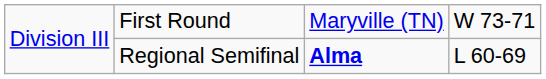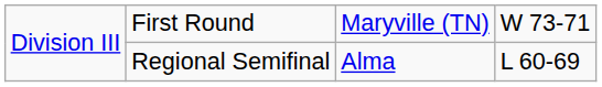 <table class="wikitable">
 <tr>
 <td rowspan="2"><a href='#'>Division III</a></td>
 <td>First Round</td>
 <td><a href='#'>Maryville (TN)</a></td>
 <td>W 73-71</td>
 </tr>
 <tr>
 <td>Regional Semifinal</td>
-<td><strong><a href='#'>Alma</a></strong></td>
+<td><a href='#'>Alma</a></td>
 <td>L 60-69</td>
 </tr>
 </table>
